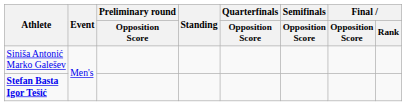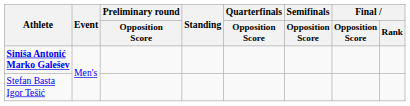 <table class=wikitable style="font-size:90%">
 <tr>
 <th rowspan=2>Athlete</th>
 <th rowspan=2>Event</th>
 <th>Preliminary round</th>
 <th rowspan=2>Standing</th>
 <th>Quarterfinals</th>
 <th>Semifinals</th>
 <th colspan=2>Final / </th>
 </tr>
 <tr style="font-size:95%">
 <th>Opposition<br>Score</th>
 <th>Opposition<br>Score</th>
 <th>Opposition<br>Score</th>
 <th>Opposition<br>Score</th>
 <th>Rank</th>
 </tr>
 <tr align=center>
-<td align=left><a href='#'>Siniša Antonić</a><br><a href='#'>Marko Galešev</a></td>
+<td align=left><strong><a href='#'>Siniša Antonić</a><br><a href='#'>Marko Galešev</a></strong></td>
 <td align=left rowspan=2><a href='#'>Men's</a></td>
 <td></td>
 <td></td>
 <td></td>
 <td></td>
 <td></td>
 <td></td>
 </tr>
 <tr align=center>
-<td align=left><strong><a href='#'>Stefan Basta</a><br><a href='#'>Igor Tešić</a></strong></td>
+<td align=left><a href='#'>Stefan Basta</a><br><a href='#'>Igor Tešić</a></td>
 <td></td>
 <td></td>
 <td></td>
 <td></td>
 <td></td>
 <td></td>
 </tr>
 </table>
